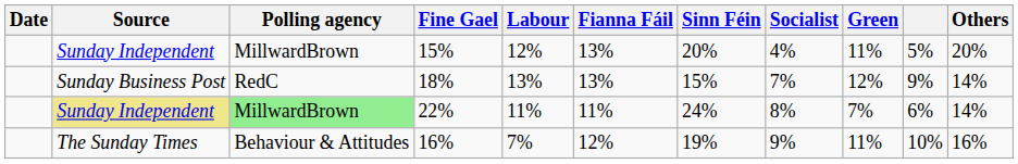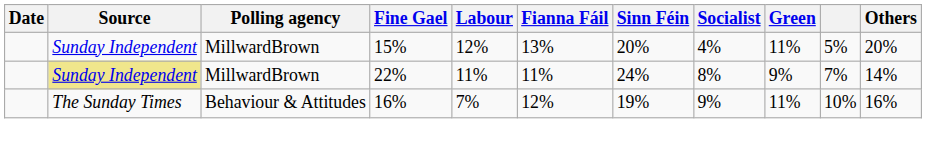 <table class="wikitable sortable">
 <tr>
 <th>Date</th>
 <th>Source</th>
 <th>Polling agency</th>
 <th class=unsortable style="background:"><a href='#'><span>Fine Gael</span></a></th>
 <th class=unsortable style="background:"><a href='#'><span>Labour</span></a></th>
 <th class=unsortable style="background:"><a href='#'><span>Fianna Fáil</span></a></th>
 <th class=unsortable style="background:"><a href='#'><span>Sinn Féin</span></a></th>
 <th class=unsortable style="background:"><a href='#'><span>Socialist</span></a></th>
 <th class=unsortable style="background:"><a href='#'><span>Green</span></a></th>
 <th class=unsortable style="background:"><a href='#'><span></span></a></th>
 <th class=unsortable>Others</th>
 </tr>
 <tr>
 <td></td>
 <td><em><a href='#'>Sunday Independent</a></em></td>
 <td>MillwardBrown</td>
 <td>15%</td>
 <td>12%</td>
 <td>13%</td>
 <td>20%</td>
 <td>4%</td>
 <td>11%</td>
 <td>5%</td>
 <td>20%</td>
 </tr>
 <tr>
 <td></td>
-<td><em>Sunday Business Post</em></td>
-<td>RedC</td>
-<td>18%</td>
-<td>13%</td>
-<td>13%</td>
-<td>15%</td>
-<td>7%</td>
-<td>12%</td>
-<td>9%</td>
-<td>14%</td>
-</tr>
-<tr>
-<td></td>
 <td style="background: khaki;"><em><a href='#'>Sunday Independent</a></em></td>
-<td style="background: lightgreen;">MillwardBrown</td>
+<td>MillwardBrown</td>
 <td>22%</td>
 <td>11%</td>
 <td>11%</td>
 <td>24%</td>
 <td>8%</td>
+<td>9%</td>
 <td>7%</td>
-<td>6%</td>
 <td>14%</td>
 </tr>
 <tr>
 <td></td>
 <td><em>The Sunday Times</em></td>
 <td>Behaviour & Attitudes</td>
 <td>16%</td>
 <td>7%</td>
 <td>12%</td>
 <td>19%</td>
 <td>9%</td>
 <td>11%</td>
 <td>10%</td>
 <td>16%</td>
 </tr>
 </table>
